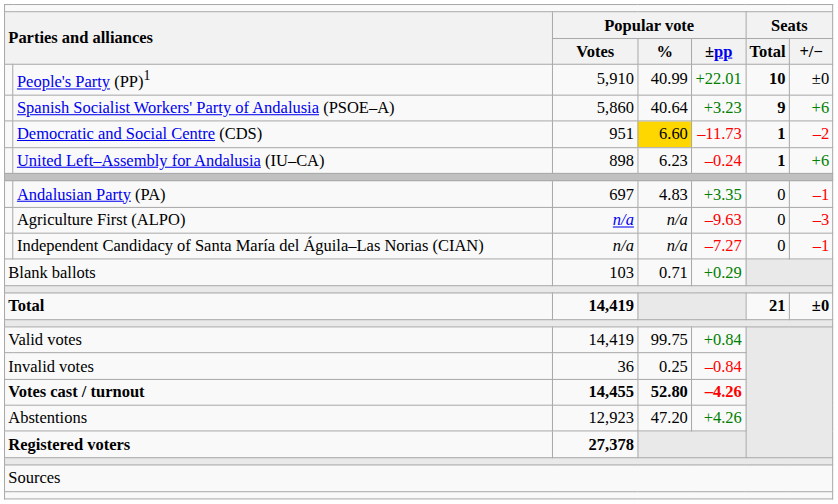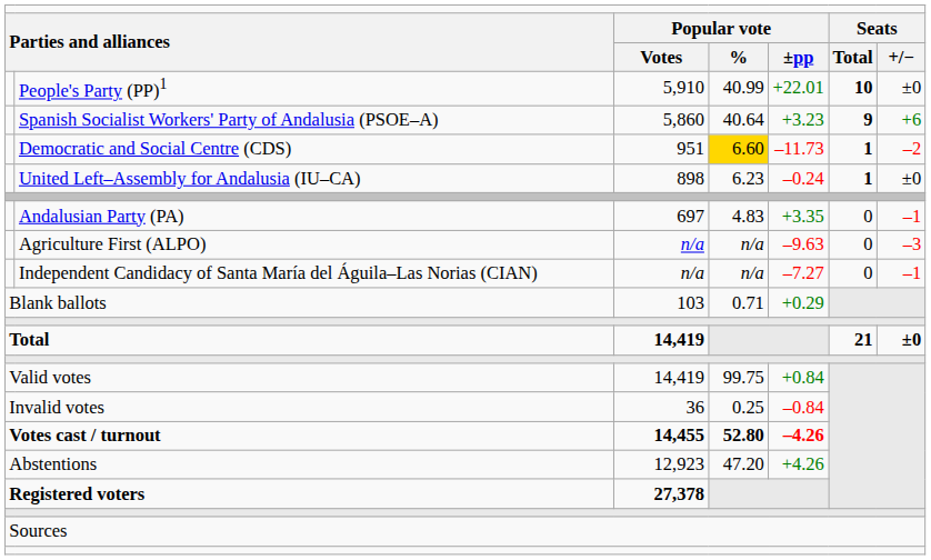 <table class="wikitable" style="text-align:right;">
 <tr>
 <td colspan="7"></td>
 </tr>
 <tr>
 <th style="text-align:left;" rowspan="2" colspan="2" width="525">Parties and alliances</th>
 <th colspan="3">Popular vote</th>
 <th colspan="2">Seats</th>
 </tr>
 <tr>
 <th width="75">Votes</th>
 <th width="45">%</th>
 <th width="45">±<a href='#'>pp</a></th>
 <th width="35">Total</th>
 <th width="35">+/−</th>
 </tr>
 <tr>
 <td width="1" style="color:inherit;background:"></td>
 <td align="left"><a href='#'>People's Party</a> (PP)<sup>1</sup></td>
 <td>5,910</td>
 <td>40.99</td>
 <td style="color:green;">+22.01</td>
 <td><strong>10</strong></td>
 <td>±0</td>
 </tr>
 <tr>
 <td style="color:inherit;background:"></td>
 <td align="left"><a href='#'>Spanish Socialist Workers' Party of Andalusia</a> (PSOE–A)</td>
 <td>5,860</td>
 <td>40.64</td>
 <td style="color:green;">+3.23</td>
 <td><strong>9</strong></td>
 <td style="color:green;">+6</td>
 </tr>
 <tr>
 <td style="color:inherit;background:"></td>
 <td align="left"><a href='#'>Democratic and Social Centre</a> (CDS)</td>
 <td>951</td>
 <td style="background: gold;">6.60</td>
 <td style="color:red;">–11.73</td>
 <td><strong>1</strong></td>
 <td style="color:red;">–2</td>
 </tr>
 <tr>
 <td style="color:inherit;background:"></td>
 <td align="left"><a href='#'>United Left–Assembly for Andalusia</a> (IU–CA)</td>
 <td>898</td>
 <td>6.23</td>
 <td style="color:red;">–0.24</td>
 <td><strong>1</strong></td>
-<td style="color:green;">+6</td>
+<td>±0</td>
 </tr>
 <tr>
 <td colspan="7" bgcolor="#C0C0C0"></td>
 </tr>
 <tr>
 <td style="color:inherit;background:"></td>
 <td align="left"><a href='#'>Andalusian Party</a> (PA)</td>
 <td>697</td>
 <td>4.83</td>
 <td style="color:green;">+3.35</td>
 <td>0</td>
 <td style="color:red;">–1</td>
 </tr>
 <tr>
 <td style="color:inherit;background:"></td>
 <td align="left">Agriculture First (ALPO)</td>
 <td><em><a href='#'>n/a</a></em></td>
 <td><em>n/a</em></td>
 <td style="color:red;">–9.63</td>
 <td>0</td>
 <td style="color:red;">–3</td>
 </tr>
 <tr>
 <td style="color:inherit;background:"></td>
 <td align="left">Independent Candidacy of Santa María del Águila–Las Norias (CIAN)</td>
 <td><em>n/a</em></td>
 <td><em>n/a</em></td>
 <td style="color:red;">–7.27</td>
 <td>0</td>
 <td style="color:red;">–1</td>
 </tr>
 <tr>
 <td align="left" colspan="2">Blank ballots</td>
 <td>103</td>
 <td>0.71</td>
 <td style="color:green;">+0.29</td>
 <td bgcolor="#E9E9E9" colspan="2"></td>
 </tr>
 <tr>
 <td colspan="7" bgcolor="#E9E9E9"></td>
 </tr>
 <tr style="font-weight:bold;">
 <td align="left" colspan="2">Total</td>
 <td>14,419</td>
 <td bgcolor="#E9E9E9" colspan="2"></td>
 <td>21</td>
 <td>±0</td>
 </tr>
 <tr>
 <td colspan="7" bgcolor="#E9E9E9"></td>
 </tr>
 <tr>
 <td align="left" colspan="2">Valid votes</td>
 <td>14,419</td>
 <td>99.75</td>
 <td style="color:green;">+0.84</td>
 <td bgcolor="#E9E9E9" colspan="2" rowspan="5"></td>
 </tr>
 <tr>
 <td align="left" colspan="2">Invalid votes</td>
 <td>36</td>
 <td>0.25</td>
 <td style="color:red;">–0.84</td>
 </tr>
 <tr style="font-weight:bold;">
 <td align="left" colspan="2">Votes cast / turnout</td>
 <td>14,455</td>
 <td>52.80</td>
 <td style="color:red;">–4.26</td>
 </tr>
 <tr>
 <td align="left" colspan="2">Abstentions</td>
 <td>12,923</td>
 <td>47.20</td>
 <td style="color:green;">+4.26</td>
 </tr>
 <tr style="font-weight:bold;">
 <td align="left" colspan="2">Registered voters</td>
 <td>27,378</td>
 <td bgcolor="#E9E9E9" colspan="2"></td>
 </tr>
 <tr>
 <td colspan="7" bgcolor="#E9E9E9"></td>
 </tr>
 <tr>
 <td align="left" colspan="7">Sources</td>
 </tr>
 <tr>
 <td colspan="7" style="text-align:left; max-width:790px;"></td>
 </tr>
 </table>
